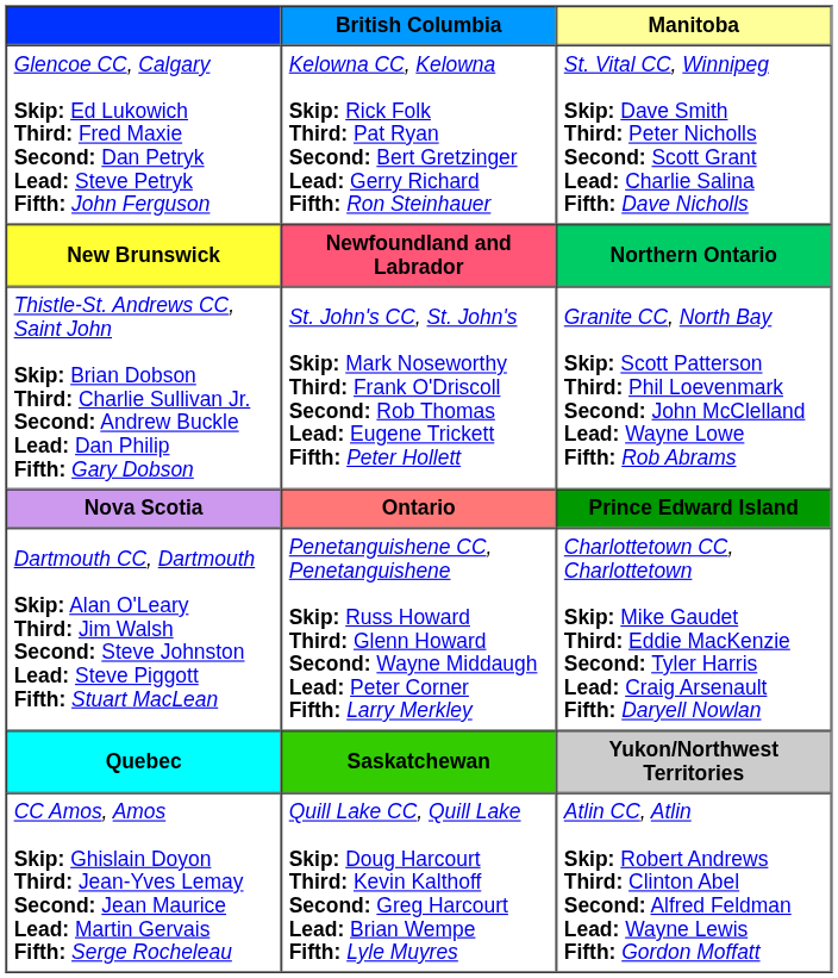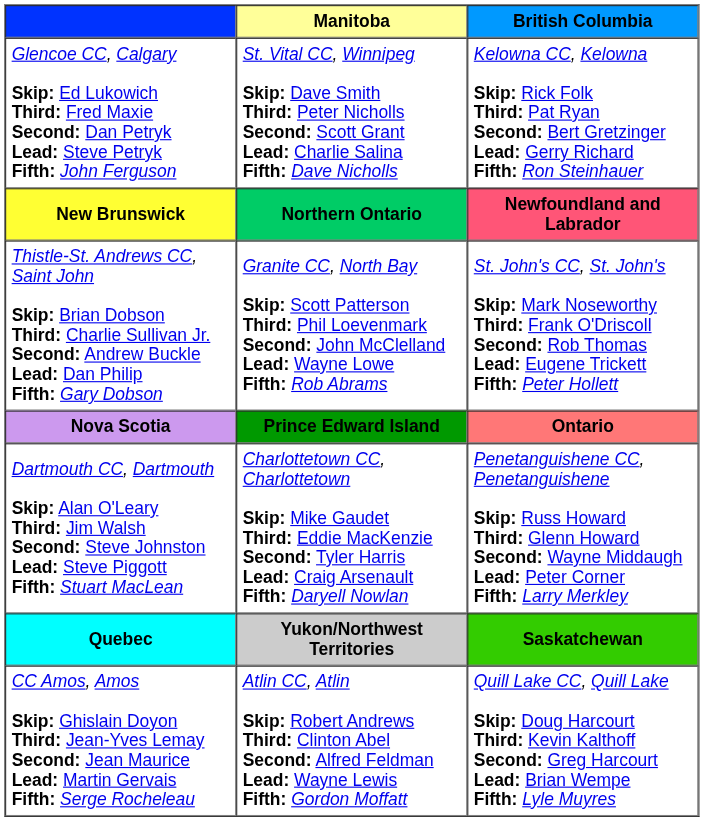 <table border=1 cellpadding=5 cellspacing=0 class=collapsible>
 <tr>
 <th bgcolor=#0033ff width=200></th>
+<th bgcolor=#ffff99 width=200>Manitoba</th>
 <th bgcolor=#0099ff width=200>British Columbia</th>
-<th bgcolor=#ffff99 width=200>Manitoba</th>
 </tr>
 <tr>
 <td><em><a href='#'>Glencoe CC</a>, <a href='#'>Calgary</a></em><br><br><strong>Skip:</strong> <a href='#'>Ed Lukowich</a> <br> <strong>Third:</strong> <a href='#'>Fred Maxie</a> <br> <strong>Second:</strong> <a href='#'>Dan Petryk</a> <br> <strong>Lead:</strong> <a href='#'>Steve Petryk</a> <br> <strong>Fifth:</strong> <em><a href='#'>John Ferguson</a></em></td>
+<td><em><a href='#'>St. Vital CC</a>, <a href='#'>Winnipeg</a></em><br><br><strong>Skip:</strong> <a href='#'>Dave Smith</a> <br> <strong>Third:</strong> <a href='#'>Peter Nicholls</a> <br> <strong>Second:</strong> <a href='#'>Scott Grant</a> <br> <strong>Lead:</strong> <a href='#'>Charlie Salina</a> <br> <strong>Fifth:</strong> <em><a href='#'>Dave Nicholls</a></em></td>
 <td><em><a href='#'>Kelowna CC</a>, <a href='#'>Kelowna</a></em><br><br><strong>Skip:</strong> <a href='#'>Rick Folk</a><br> <strong>Third:</strong> <a href='#'>Pat Ryan</a><br> <strong>Second:</strong> <a href='#'>Bert Gretzinger</a><br> <strong>Lead:</strong> <a href='#'>Gerry Richard</a> <br> <strong>Fifth:</strong> <em><a href='#'>Ron Steinhauer</a></em></td>
-<td><em><a href='#'>St. Vital CC</a>, <a href='#'>Winnipeg</a></em><br><br><strong>Skip:</strong> <a href='#'>Dave Smith</a> <br> <strong>Third:</strong> <a href='#'>Peter Nicholls</a> <br> <strong>Second:</strong> <a href='#'>Scott Grant</a> <br> <strong>Lead:</strong> <a href='#'>Charlie Salina</a> <br> <strong>Fifth:</strong> <em><a href='#'>Dave Nicholls</a></em></td>
 </tr>
 <tr border=1 cellpadding=5 cellspacing=0>
 <th bgcolor=#ffff33 width=200>New Brunswick</th>
+<th bgcolor=#00CC66 width=200>Northern Ontario</th>
 <th bgcolor=#ff5577 width=200>Newfoundland and Labrador</th>
-<th bgcolor=#00CC66 width=200>Northern Ontario</th>
 </tr>
 <tr>
 <td><em><a href='#'>Thistle-St. Andrews CC</a>, <a href='#'>Saint John</a></em><br><br><strong>Skip:</strong> <a href='#'>Brian Dobson</a><br> <strong>Third:</strong> <a href='#'>Charlie Sullivan Jr.</a><br> <strong>Second:</strong> <a href='#'>Andrew Buckle</a><br> <strong>Lead:</strong> <a href='#'>Dan Philip</a> <br> <strong>Fifth:</strong> <em><a href='#'>Gary Dobson</a></em></td>
+<td><em><a href='#'>Granite CC</a>, <a href='#'>North Bay</a></em><br><br><strong>Skip:</strong> <a href='#'>Scott Patterson</a><br> <strong>Third:</strong> <a href='#'>Phil Loevenmark</a><br> <strong>Second:</strong> <a href='#'>John McClelland</a><br> <strong>Lead:</strong> <a href='#'>Wayne Lowe</a> <br> <strong>Fifth:</strong> <em><a href='#'>Rob Abrams</a></em></td>
 <td><em><a href='#'>St. John's CC</a>, <a href='#'>St. John's</a></em><br><br><strong>Skip:</strong> <a href='#'>Mark Noseworthy</a><br> <strong>Third:</strong> <a href='#'>Frank O'Driscoll</a><br> <strong>Second:</strong> <a href='#'>Rob Thomas</a><br> <strong>Lead:</strong> <a href='#'>Eugene Trickett</a> <br> <strong>Fifth:</strong> <em><a href='#'>Peter Hollett</a></em></td>
-<td><em><a href='#'>Granite CC</a>, <a href='#'>North Bay</a></em><br><br><strong>Skip:</strong> <a href='#'>Scott Patterson</a><br> <strong>Third:</strong> <a href='#'>Phil Loevenmark</a><br> <strong>Second:</strong> <a href='#'>John McClelland</a><br> <strong>Lead:</strong> <a href='#'>Wayne Lowe</a> <br> <strong>Fifth:</strong> <em><a href='#'>Rob Abrams</a></em></td>
 </tr>
 <tr border=1 cellpadding=5 cellspacing=0>
 <th bgcolor=#cc99ee width=200>Nova Scotia</th>
+<th bgcolor=#009900 width=200>Prince Edward Island</th>
 <th bgcolor=#ff7777 width=200>Ontario</th>
-<th bgcolor=#009900 width=200>Prince Edward Island</th>
 </tr>
 <tr>
 <td><em><a href='#'>Dartmouth CC</a>, <a href='#'>Dartmouth</a></em><br><br><strong>Skip:</strong> <a href='#'>Alan O'Leary</a> <br> <strong>Third:</strong> <a href='#'>Jim Walsh</a> <br> <strong>Second:</strong> <a href='#'>Steve Johnston</a> <br> <strong>Lead:</strong> <a href='#'>Steve Piggott</a> <br> <strong>Fifth:</strong> <em><a href='#'>Stuart MacLean</a></em></td>
+<td><em><a href='#'>Charlottetown CC</a>, <a href='#'>Charlottetown</a></em><br><br><strong>Skip:</strong> <a href='#'>Mike Gaudet</a> <br> <strong>Third:</strong> <a href='#'>Eddie MacKenzie</a><br> <strong>Second:</strong> <a href='#'>Tyler Harris</a><br> <strong>Lead:</strong> <a href='#'>Craig Arsenault</a><br> <strong>Fifth:</strong> <em><a href='#'>Daryell Nowlan</a></em></td>
 <td><em><a href='#'>Penetanguishene CC</a>, <a href='#'>Penetanguishene</a></em><br><br><strong>Skip:</strong> <a href='#'>Russ Howard</a> <br> <strong>Third:</strong> <a href='#'>Glenn Howard</a> <br> <strong>Second:</strong> <a href='#'>Wayne Middaugh</a> <br> <strong>Lead:</strong> <a href='#'>Peter Corner</a> <br> <strong>Fifth:</strong> <em><a href='#'>Larry Merkley</a></em></td>
-<td><em><a href='#'>Charlottetown CC</a>, <a href='#'>Charlottetown</a></em><br><br><strong>Skip:</strong> <a href='#'>Mike Gaudet</a> <br> <strong>Third:</strong> <a href='#'>Eddie MacKenzie</a><br> <strong>Second:</strong> <a href='#'>Tyler Harris</a><br> <strong>Lead:</strong> <a href='#'>Craig Arsenault</a><br> <strong>Fifth:</strong> <em><a href='#'>Daryell Nowlan</a></em></td>
 </tr>
 <tr border=1 cellpadding=5 cellspacing=0>
 <th bgcolor=#00ffff width=200>Quebec</th>
+<th bgcolor=#cccccc width=200>Yukon/Northwest Territories</th>
 <th bgcolor=#33cc00 width=200>Saskatchewan</th>
-<th bgcolor=#cccccc width=200>Yukon/Northwest Territories</th>
 </tr>
 <tr>
 <td><em><a href='#'>CC Amos</a>, <a href='#'>Amos</a></em><br><br><strong>Skip:</strong> <a href='#'>Ghislain Doyon</a><br> <strong>Third:</strong> <a href='#'>Jean-Yves Lemay</a><br> <strong>Second:</strong> <a href='#'>Jean Maurice</a> <br> <strong>Lead:</strong> <a href='#'>Martin Gervais</a> <br> <strong>Fifth:</strong> <em><a href='#'>Serge Rocheleau</a></em></td>
+<td><em><a href='#'>Atlin CC</a>, <a href='#'>Atlin</a></em><br><br><strong>Skip:</strong> <a href='#'>Robert Andrews</a> <br> <strong>Third:</strong> <a href='#'>Clinton Abel</a> <br> <strong>Second:</strong> <a href='#'>Alfred Feldman</a> <br> <strong>Lead:</strong> <a href='#'>Wayne Lewis</a><br> <strong>Fifth:</strong> <em><a href='#'>Gordon Moffatt</a></em></td>
 <td><em><a href='#'>Quill Lake CC</a>, <a href='#'>Quill Lake</a></em><br><br><strong>Skip:</strong> <a href='#'>Doug Harcourt</a><br> <strong>Third:</strong> <a href='#'>Kevin Kalthoff</a><br> <strong>Second:</strong> <a href='#'>Greg Harcourt</a><br> <strong>Lead:</strong> <a href='#'>Brian Wempe</a><br> <strong>Fifth:</strong> <em><a href='#'>Lyle Muyres</a></em></td>
-<td><em><a href='#'>Atlin CC</a>, <a href='#'>Atlin</a></em><br><br><strong>Skip:</strong> <a href='#'>Robert Andrews</a> <br> <strong>Third:</strong> <a href='#'>Clinton Abel</a> <br> <strong>Second:</strong> <a href='#'>Alfred Feldman</a> <br> <strong>Lead:</strong> <a href='#'>Wayne Lewis</a><br> <strong>Fifth:</strong> <em><a href='#'>Gordon Moffatt</a></em></td>
 </tr>
 </table>
